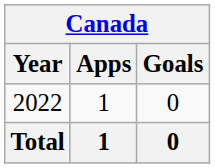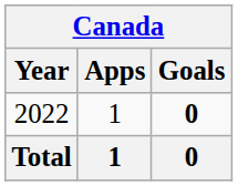 <table class="wikitable" style="text-align:center">
 <tr>
 <th colspan=3><a href='#'>Canada</a></th>
 </tr>
 <tr>
 <th>Year</th>
 <th>Apps</th>
 <th>Goals</th>
 </tr>
 <tr>
 <td>2022</td>
 <td>1</td>
-<td>0</td>
+<td><strong>0</strong></td>
 </tr>
 <tr>
 <th>Total</th>
 <th>1</th>
 <th>0</th>
 </tr>
 </table>
